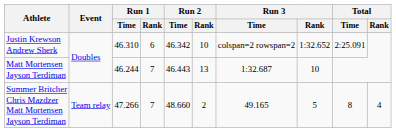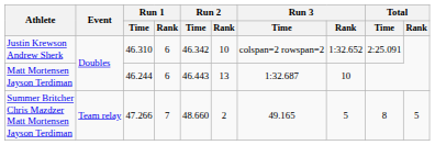 <table class=wikitable style=font-size:90%;text-align:center>
 <tr>
 <th rowspan=2>Athlete</th>
 <th rowspan=2>Event</th>
 <th colspan=2>Run 1</th>
 <th colspan=2>Run 2</th>
 <th colspan=2>Run 3</th>
 <th colspan=2>Total</th>
 </tr>
 <tr style=font-size:95%>
 <th>Time</th>
 <th>Rank</th>
 <th>Time</th>
 <th>Rank</th>
 <th>Time</th>
 <th>Rank</th>
 <th>Time</th>
 <th>Rank</th>
 </tr>
 <tr>
 <td align=left><a href='#'>Justin Krewson</a><br><a href='#'>Andrew Sherk</a></td>
 <td style="text-align:left;" rowspan="2"><a href='#'>Doubles</a></td>
 <td>46.310</td>
 <td>6</td>
 <td>46.342</td>
 <td>10</td>
 <td>colspan=2 rowspan=2 </td>
 <td>1:32.652</td>
 <td>2:25.091</td>
 </tr>
 <tr>
 <td align=left><a href='#'>Matt Mortensen</a><br><a href='#'>Jayson Terdiman</a></td>
 <td>46.244</td>
-<td>7</td>
+<td>6</td>
 <td>46.443</td>
 <td>13</td>
 <td>1:32.687</td>
 <td>10</td>
 </tr>
 <tr>
 <td align=left><a href='#'>Summer Britcher</a><br><a href='#'>Chris Mazdzer</a><br><a href='#'>Matt Mortensen</a><br><a href='#'>Jayson Terdiman</a></td>
 <td align=left><a href='#'>Team relay</a></td>
 <td>47.266</td>
 <td>7</td>
 <td>48.660</td>
 <td>2</td>
 <td>49.165</td>
 <td>5</td>
 <td>8</td>
-<td>4</td>
+<td>5</td>
 </tr>
 </table>
